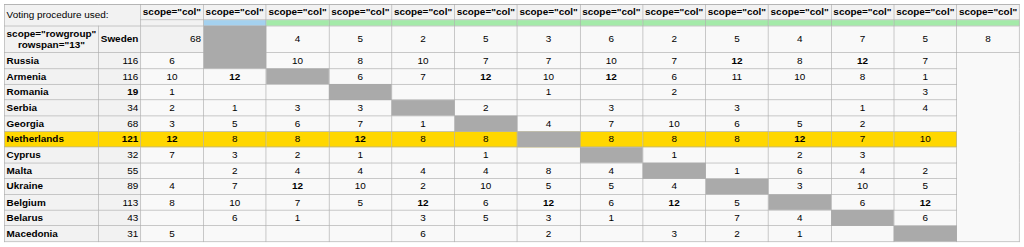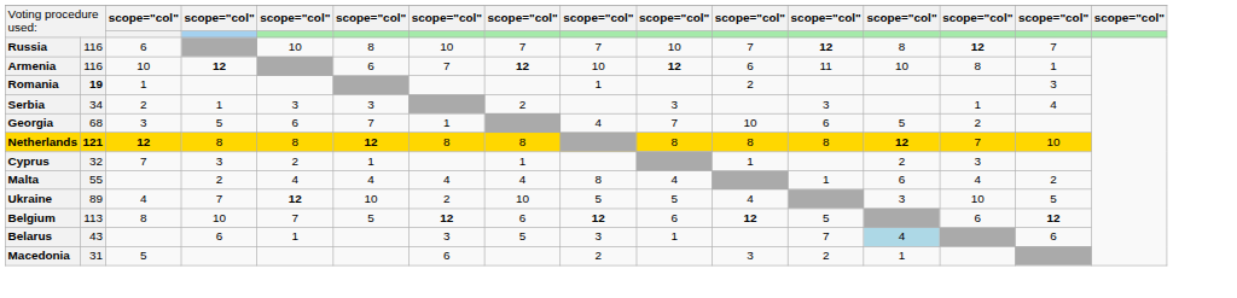 <table class="wikitable plainrowheaders" style="text-align:center;">
 <tr>
 </tr>
 <tr>
 <td colspan="2" rowspan="2" style="text-align:left; background:#F2F2F2">Voting procedure used:<br></td>
 <th>scope="col" </th>
 <th>scope="col" </th>
 <th>scope="col" </th>
 <th>scope="col" </th>
 <th>scope="col" </th>
 <th>scope="col" </th>
 <th>scope="col" </th>
 <th>scope="col" </th>
 <th>scope="col" </th>
 <th>scope="col" </th>
 <th>scope="col" </th>
 <th>scope="col" </th>
 <th>scope="col" </th>
 <th>scope="col" </th>
 </tr>
 <tr>
 <th style="height:2px; border-top:1px solid transparent;"></th>
 <td style="background:#A4D1EF;"></td>
 <td style="background:#A4EAA9;"></td>
 <td style="background:#A4EAA9;"></td>
 <td style="background:#A4EAA9;"></td>
 <td style="background:#A4EAA9;"></td>
 <td style="background:#A4EAA9;"></td>
 <td style="background:#A4EAA9;"></td>
 <td style="background:#A4EAA9;"></td>
 <td style="background:#A4EAA9;"></td>
 <td style="background:#A4EAA9;"></td>
 <td style="background:#A4EAA9;"></td>
 <td style="background:#A4EAA9;"></td>
 <td style="background:#A4EAA9;"></td>
-</tr>
-<tr>
-<th>scope="rowgroup" rowspan="13" </th>
-<th scope="row" style="text-align:left; background:#f2f2f2;">Sweden</th>
-<td style="text-align:right; background:#f2f2f2;">68</td>
-<td style="text-align:left; background:#aaa;"></td>
-<td>4</td>
-<td>5</td>
-<td>2</td>
-<td>5</td>
-<td>3</td>
-<td>6</td>
-<td>2</td>
-<td>5</td>
-<td>4</td>
-<td>7</td>
-<td>5</td>
-<td>8</td>
 </tr>
 <tr>
 <th scope="row" style="text-align:left; background:#f2f2f2;">Russia</th>
 <td style="text-align:right; background:#f2f2f2;">116</td>
 <td>6</td>
 <td style="text-align:left; background:#aaa;"></td>
 <td>10</td>
 <td>8</td>
 <td>10</td>
 <td>7</td>
 <td>7</td>
 <td>10</td>
 <td>7</td>
 <td><strong>12</strong></td>
 <td>8</td>
 <td><strong>12</strong></td>
 <td>7</td>
 </tr>
 <tr>
 <th scope="row" style="text-align:left; background:#f2f2f2;">Armenia</th>
 <td style="text-align:right; background:#f2f2f2;">116</td>
 <td>10</td>
 <td><strong>12</strong></td>
 <td style="text-align:left; background:#aaa;"></td>
 <td>6</td>
 <td>7</td>
 <td><strong>12</strong></td>
 <td>10</td>
 <td><strong>12</strong></td>
 <td>6</td>
 <td>11</td>
 <td>10</td>
 <td>8</td>
 <td>1</td>
 </tr>
 <tr>
 <th scope="row" style="text-align:left; background:#f2f2f2;">Romania</th>
 <td style="text-align:right; background:#f2f2f2;"><strong>19</strong></td>
 <td>1</td>
 <td></td>
 <td></td>
 <td style="text-align:left; background:#aaa;"></td>
 <td></td>
 <td></td>
 <td>1</td>
 <td></td>
 <td>2</td>
 <td></td>
 <td></td>
 <td></td>
 <td>3</td>
 </tr>
 <tr>
 <th scope="row" style="text-align:left; background:#f2f2f2;">Serbia</th>
 <td style="text-align:right; background:#f2f2f2;">34</td>
 <td>2</td>
 <td>1</td>
 <td>3</td>
 <td>3</td>
 <td style="text-align:left; background:#aaa;"></td>
 <td>2</td>
 <td></td>
 <td>3</td>
 <td></td>
 <td>3</td>
 <td></td>
 <td>1</td>
 <td>4</td>
 </tr>
 <tr>
 <th scope="row" style="text-align:left; background:#f2f2f2;">Georgia</th>
 <td style="text-align:right; background:#f2f2f2;">68</td>
 <td>3</td>
 <td>5</td>
 <td>6</td>
 <td>7</td>
 <td>1</td>
 <td style="text-align:left; background:#aaa;"></td>
 <td>4</td>
 <td>7</td>
 <td>10</td>
 <td>6</td>
 <td>5</td>
 <td>2</td>
 <td></td>
 </tr>
 <tr style="background:gold;">
 <th scope="row" style="text-align:left; font-weight:bold; background:gold;">Netherlands</th>
 <td style="text-align:right; font-weight:bold;">121</td>
 <td><strong>12</strong></td>
 <td>8</td>
 <td>8</td>
 <td><strong>12</strong></td>
 <td>8</td>
 <td>8</td>
 <td style="text-align:left; background:#aaa;"></td>
 <td>8</td>
 <td>8</td>
 <td>8</td>
 <td><strong>12</strong></td>
 <td>7</td>
 <td>10</td>
 </tr>
 <tr>
 <th scope="row" style="text-align:left; background:#f2f2f2;">Cyprus</th>
 <td style="text-align:right; background:#f2f2f2;">32</td>
 <td>7</td>
 <td>3</td>
 <td>2</td>
 <td>1</td>
 <td></td>
 <td>1</td>
 <td></td>
 <td style="text-align:left; background:#aaa;"></td>
 <td>1</td>
 <td></td>
 <td>2</td>
 <td>3</td>
 <td></td>
 </tr>
 <tr>
 <th scope="row" style="text-align:left; background:#f2f2f2;">Malta</th>
 <td style="text-align:right; background:#f2f2f2;">55</td>
 <td></td>
 <td>2</td>
 <td>4</td>
 <td>4</td>
 <td>4</td>
 <td>4</td>
 <td>8</td>
 <td>4</td>
 <td style="text-align:left; background:#aaa;"></td>
 <td>1</td>
 <td>6</td>
 <td>4</td>
 <td>2</td>
 </tr>
 <tr>
 <th scope="row" style="text-align:left; background:#f2f2f2;">Ukraine</th>
 <td style="text-align:right; background:#f2f2f2;">89</td>
 <td>4</td>
 <td>7</td>
 <td><strong>12</strong></td>
 <td>10</td>
 <td>2</td>
 <td>10</td>
 <td>5</td>
 <td>5</td>
 <td>4</td>
 <td style="text-align:left; background:#aaa;"></td>
 <td>3</td>
 <td>10</td>
 <td>5</td>
 </tr>
 <tr>
 <th scope="row" style="text-align:left; background:#f2f2f2;">Belgium</th>
 <td style="text-align:right; background:#f2f2f2;">113</td>
 <td>8</td>
 <td>10</td>
 <td>7</td>
 <td>5</td>
 <td><strong>12</strong></td>
 <td>6</td>
 <td><strong>12</strong></td>
 <td>6</td>
 <td><strong>12</strong></td>
 <td>5</td>
 <td style="text-align:left; background:#aaa;"></td>
 <td>6</td>
 <td><strong>12</strong></td>
 </tr>
 <tr>
 <th scope="row" style="text-align:left; background:#f2f2f2;">Belarus</th>
 <td style="text-align:right; background:#f2f2f2;">43</td>
 <td></td>
 <td>6</td>
 <td>1</td>
 <td></td>
 <td>3</td>
 <td>5</td>
 <td>3</td>
 <td>1</td>
 <td></td>
 <td>7</td>
-<td>4</td>
+<td style="background: lightblue;">4</td>
 <td style="text-align:left; background:#aaa;"></td>
 <td>6</td>
 </tr>
 <tr>
 <th scope="row" style="text-align:left; background:#f2f2f2;">Macedonia</th>
 <td style="text-align:right; background:#f2f2f2;">31</td>
 <td>5</td>
 <td></td>
 <td></td>
 <td></td>
 <td>6</td>
 <td></td>
 <td>2</td>
 <td></td>
 <td>3</td>
 <td>2</td>
 <td>1</td>
 <td></td>
 <td style="text-align:left; background:#aaa;"></td>
 </tr>
 </table>
